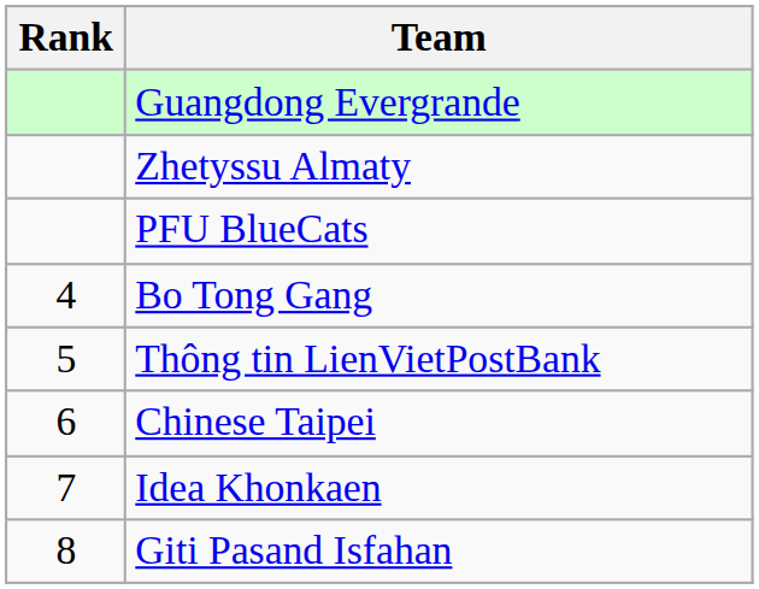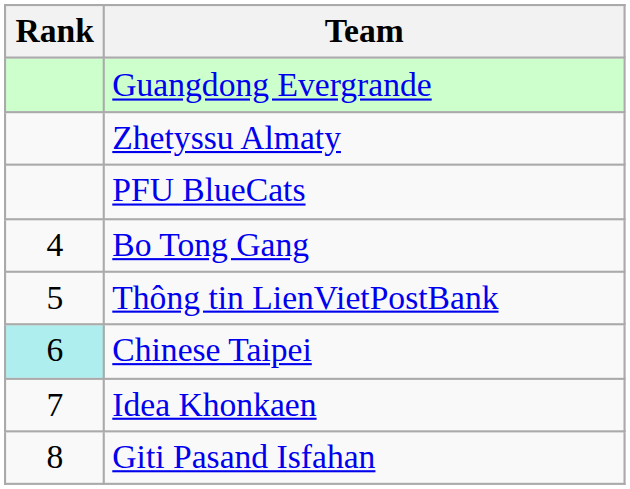 <table class="wikitable" style="text-align: center;">
 <tr>
 <th width=40>Rank</th>
 <th width=240>Team</th>
 </tr>
 <tr bgcolor=#CCFFCC>
 <td></td>
 <td align="left"> <a href='#'>Guangdong Evergrande</a></td>
 </tr>
 <tr>
 <td></td>
 <td align="left"> <a href='#'>Zhetyssu Almaty</a></td>
 </tr>
 <tr>
 <td></td>
 <td align="left"> <a href='#'>PFU BlueCats</a></td>
 </tr>
 <tr>
 <td>4</td>
 <td align="left"> <a href='#'>Bo Tong Gang</a></td>
 </tr>
 <tr>
 <td>5</td>
 <td align="left"> <a href='#'>Thông tin LienVietPostBank</a></td>
 </tr>
 <tr>
-<td>6</td>
+<td style="background: paleturquoise;">6</td>
 <td align="left"> <a href='#'>Chinese Taipei</a></td>
 </tr>
 <tr>
 <td>7</td>
 <td align="left"> <a href='#'>Idea Khonkaen</a></td>
 </tr>
 <tr>
 <td>8</td>
 <td align="left"> <a href='#'>Giti Pasand Isfahan</a></td>
 </tr>
 </table>
